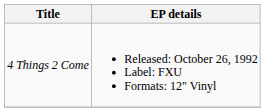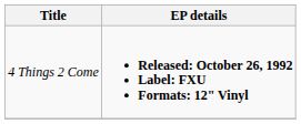 <table class="wikitable">
 <tr>
 <th>Title</th>
 <th>EP details</th>
 </tr>
 <tr>
 <td><em>4 Things 2 Come</em></td>
-<td><br><ul><li>Released: October 26, 1992</li><li>Label: FXU</li><li>Formats: 12" Vinyl</li></ul></td>
+<td><strong><br><ul><li>Released: October 26, 1992</li><li>Label: FXU</li><li>Formats: 12" Vinyl</li></ul></strong></td>
 </tr>
 <tr>
 </tr>
 </table>
